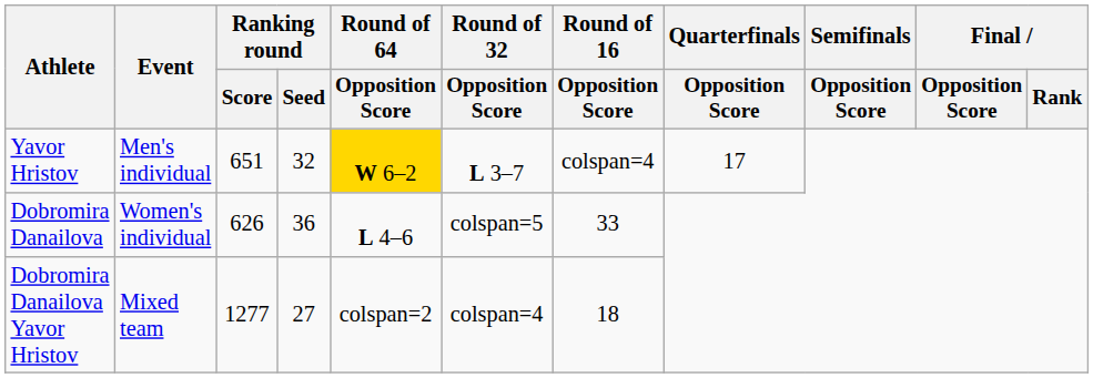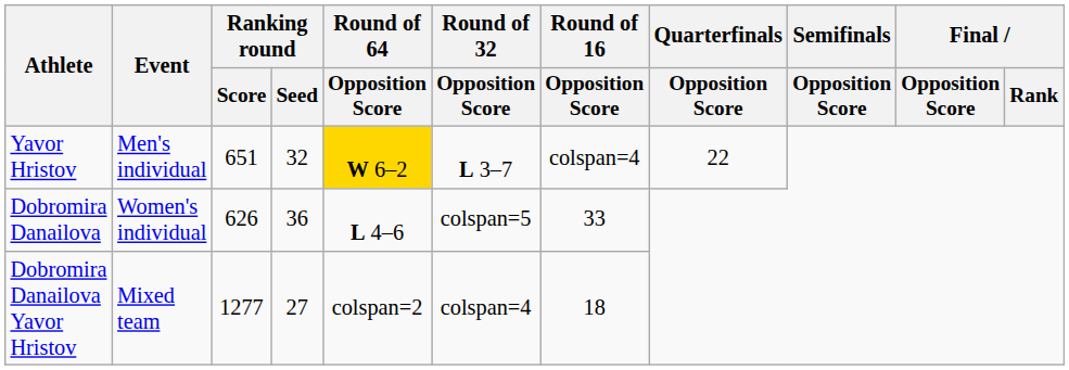 <table class="wikitable" style="font-size:90%">
 <tr>
 <th rowspan=2>Athlete</th>
 <th rowspan=2>Event</th>
 <th colspan=2>Ranking round</th>
 <th>Round of 64</th>
 <th>Round of 32</th>
 <th>Round of 16</th>
 <th>Quarterfinals</th>
 <th>Semifinals</th>
 <th colspan=2>Final / </th>
 </tr>
 <tr style="font-size:95%">
 <th>Score</th>
 <th>Seed</th>
 <th>Opposition<br>Score</th>
 <th>Opposition<br>Score</th>
 <th>Opposition<br>Score</th>
 <th>Opposition<br>Score</th>
 <th>Opposition<br>Score</th>
 <th>Opposition<br>Score</th>
 <th>Rank</th>
 </tr>
 <tr align=center>
 <td align=left><a href='#'>Yavor Hristov</a></td>
 <td align=left><a href='#'>Men's individual</a></td>
 <td>651</td>
 <td>32</td>
 <td style="background: gold;"><br><strong>W</strong> 6–2</td>
 <td><br><strong>L</strong> 3–7</td>
 <td>colspan=4 </td>
-<td>17</td>
+<td>22</td>
 </tr>
 <tr align=center>
 <td align=left><a href='#'>Dobromira Danailova</a></td>
 <td align=left><a href='#'>Women's individual</a></td>
 <td>626</td>
 <td>36</td>
 <td><br> <strong>L</strong> 4–6</td>
 <td>colspan=5 </td>
 <td>33</td>
 </tr>
 <tr align=center>
 <td align=left><a href='#'>Dobromira Danailova</a><br><a href='#'>Yavor Hristov</a></td>
 <td align=left><a href='#'>Mixed team</a></td>
 <td>1277</td>
 <td>27</td>
 <td>colspan=2 </td>
 <td>colspan=4 </td>
 <td>18</td>
 </tr>
 </table>
